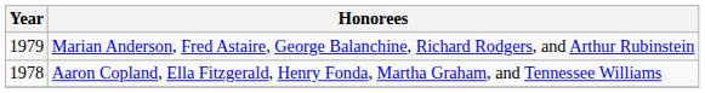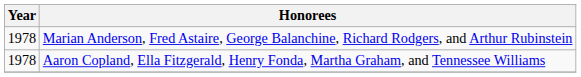 <table class="wikitable">
 <tr>
 <th>Year</th>
 <th>Honorees</th>
 </tr>
 <tr>
-<td>1979</td>
+<td>1978</td>
 <td><a href='#'>Marian Anderson</a>, <a href='#'>Fred Astaire</a>, <a href='#'>George Balanchine</a>, <a href='#'>Richard Rodgers</a>, and <a href='#'>Arthur Rubinstein</a></td>
 </tr>
 <tr>
 <td>1978</td>
 <td><a href='#'>Aaron Copland</a>, <a href='#'>Ella Fitzgerald</a>, <a href='#'>Henry Fonda</a>, <a href='#'>Martha Graham</a>, and <a href='#'>Tennessee Williams</a></td>
 </tr>
 <tr>
 </tr>
 </table>
